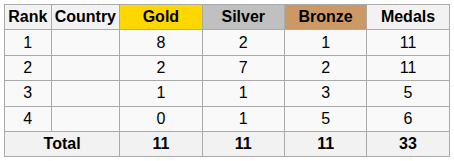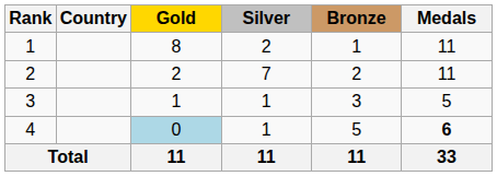 <table class="wikitable">
 <tr>
 <th>Rank</th>
 <th>Country</th>
 <th style="background:#FFD700;" width="75">Gold</th>
 <th style="background:#C0C0C0;" width="75">Silver</th>
 <th style="background:#CC9966;" width="75">Bronze</th>
 <th width="75">Medals</th>
 </tr>
 <tr align=center>
 <td>1</td>
 <td align=left></td>
 <td>8</td>
 <td>2</td>
 <td>1</td>
 <td>11</td>
 </tr>
 <tr align=center>
 <td>2</td>
 <td align=left></td>
 <td>2</td>
 <td>7</td>
 <td>2</td>
 <td>11</td>
 </tr>
 <tr align=center>
 <td>3</td>
 <td align=left>  </td>
 <td>1</td>
 <td>1</td>
 <td>3</td>
 <td>5</td>
 </tr>
 <tr align=center>
 <td>4</td>
 <td align=left></td>
-<td>0</td>
+<td style="background: lightblue;">0</td>
 <td>1</td>
 <td>5</td>
-<td>6</td>
+<td><strong>6</strong></td>
 </tr>
 <tr>
 <th colspan=2>Total</th>
 <th>11</th>
 <th>11</th>
 <th>11</th>
 <th>33</th>
 </tr>
 </table>
